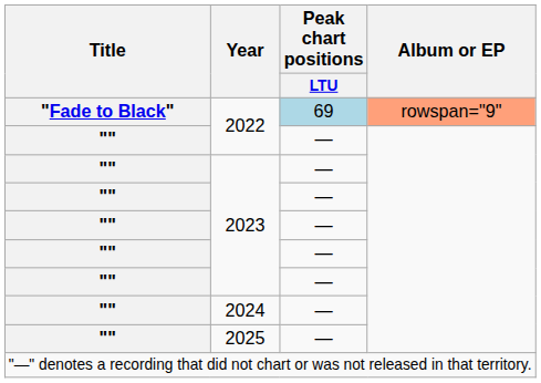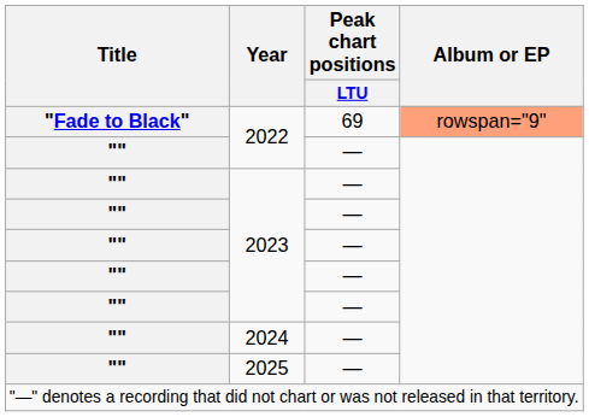 <table class="wikitable plainrowheaders" style="text-align:center;">
 <tr>
 <th scope="col" rowspan="2">Title</th>
 <th scope="col" rowspan="2">Year</th>
 <th scope="col" colspan="1">Peak chart positions</th>
 <th scope="col" rowspan="2">Album or EP</th>
 </tr>
 <tr>
 <th scope="col" style="width:3em;font-size:85%;"><a href='#'>LTU</a><br></th>
 </tr>
 <tr>
 <th scope="row">"<a href='#'>Fade to Black</a>"</th>
 <td rowspan="2">2022</td>
-<td style="background: lightblue;">69</td>
+<td>69</td>
 <td style="background: lightsalmon;">rowspan="9" </td>
 </tr>
 <tr>
 <th scope="row">""</th>
 <td>—</td>
 </tr>
 <tr>
 <th scope="row">""</th>
 <td rowspan="5">2023</td>
 <td>—</td>
 </tr>
 <tr>
 <th scope="row">""<br></th>
 <td>—</td>
 </tr>
 <tr>
 <th scope="row">""<br></th>
 <td>—</td>
 </tr>
 <tr>
 <th scope="row">""</th>
 <td>—</td>
 </tr>
 <tr>
 <th scope="row">""</th>
 <td>—</td>
 </tr>
 <tr>
 <th scope="row">""</th>
 <td>2024</td>
 <td>—</td>
 </tr>
 <tr>
 <th scope="row">""<br></th>
 <td>2025</td>
 <td>—</td>
 </tr>
 <tr>
 <td colspan="13" style="text-align:center; font-size:85%;">"—" denotes a recording that did not chart or was not released in that territory.</td>
 </tr>
 </table>
